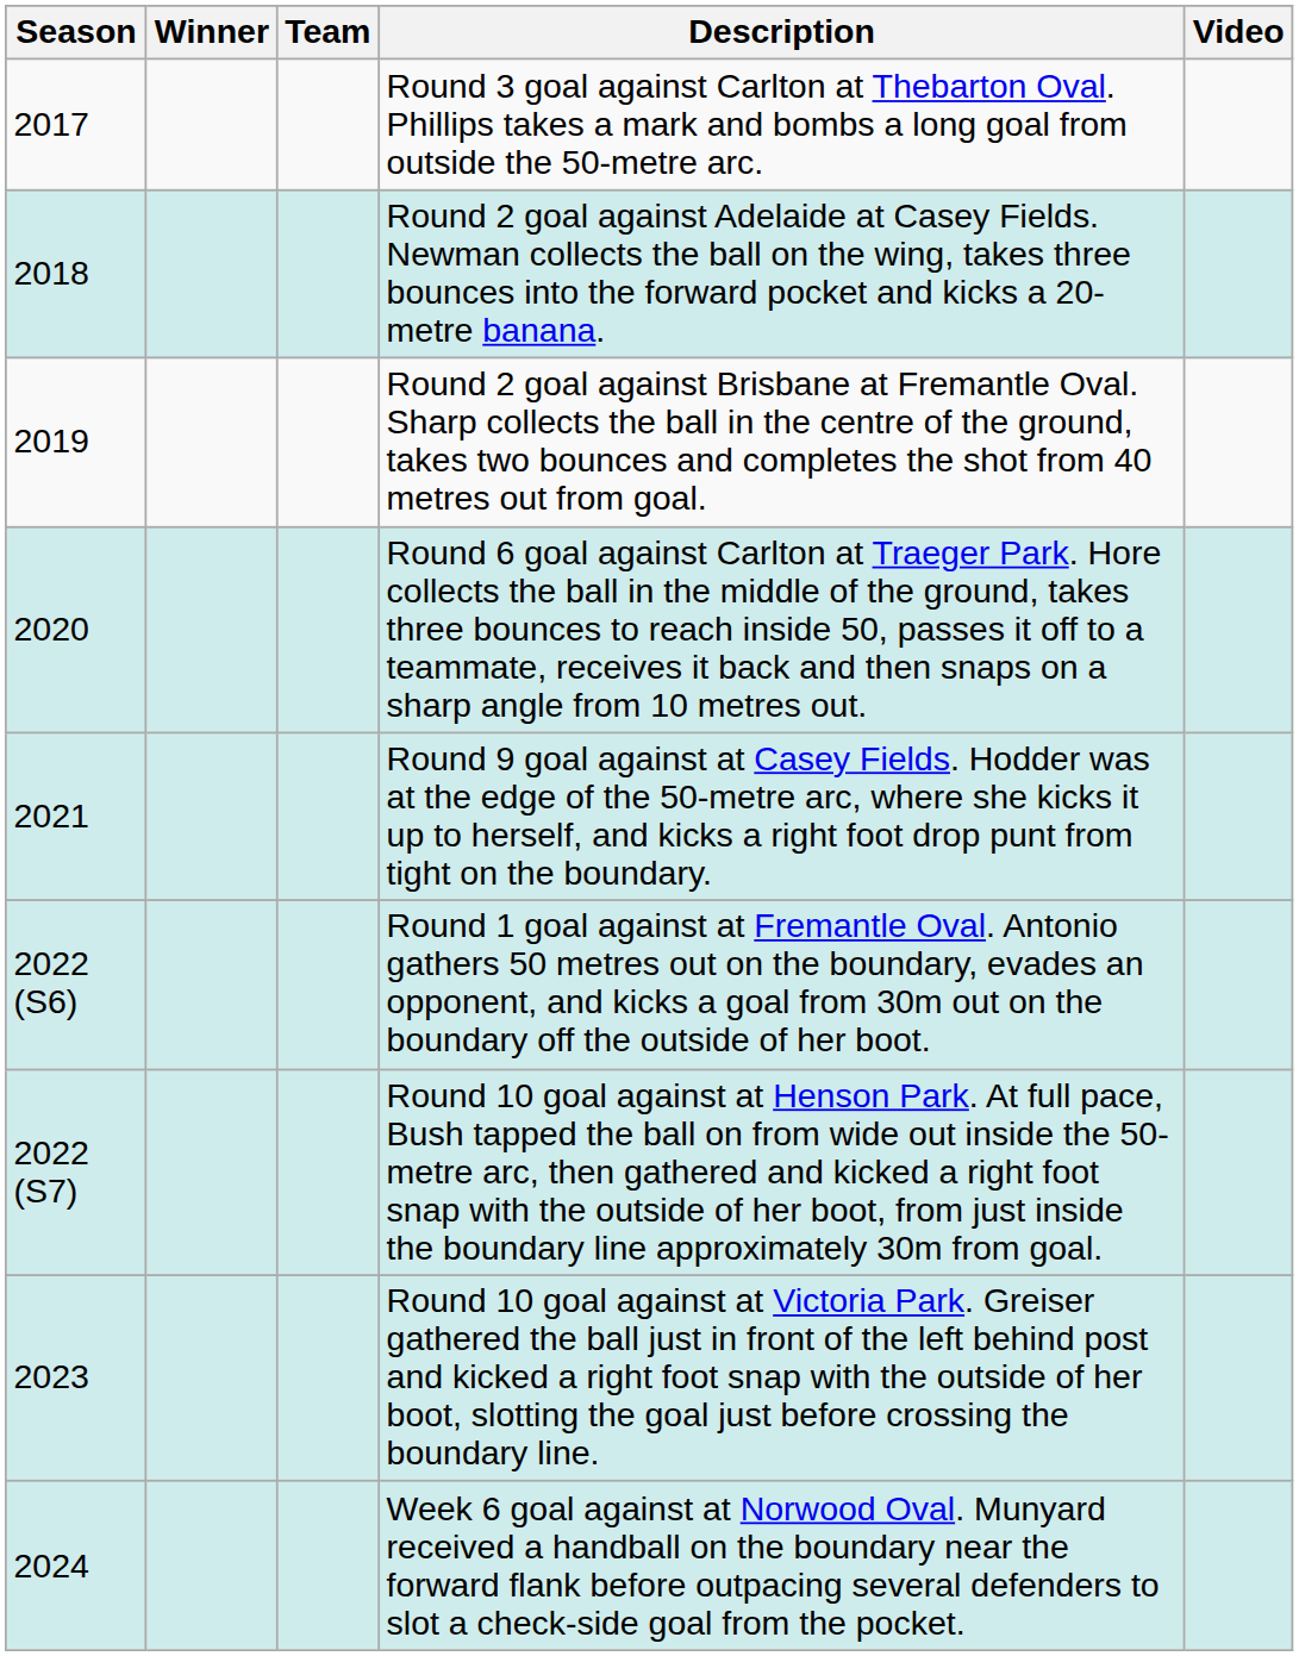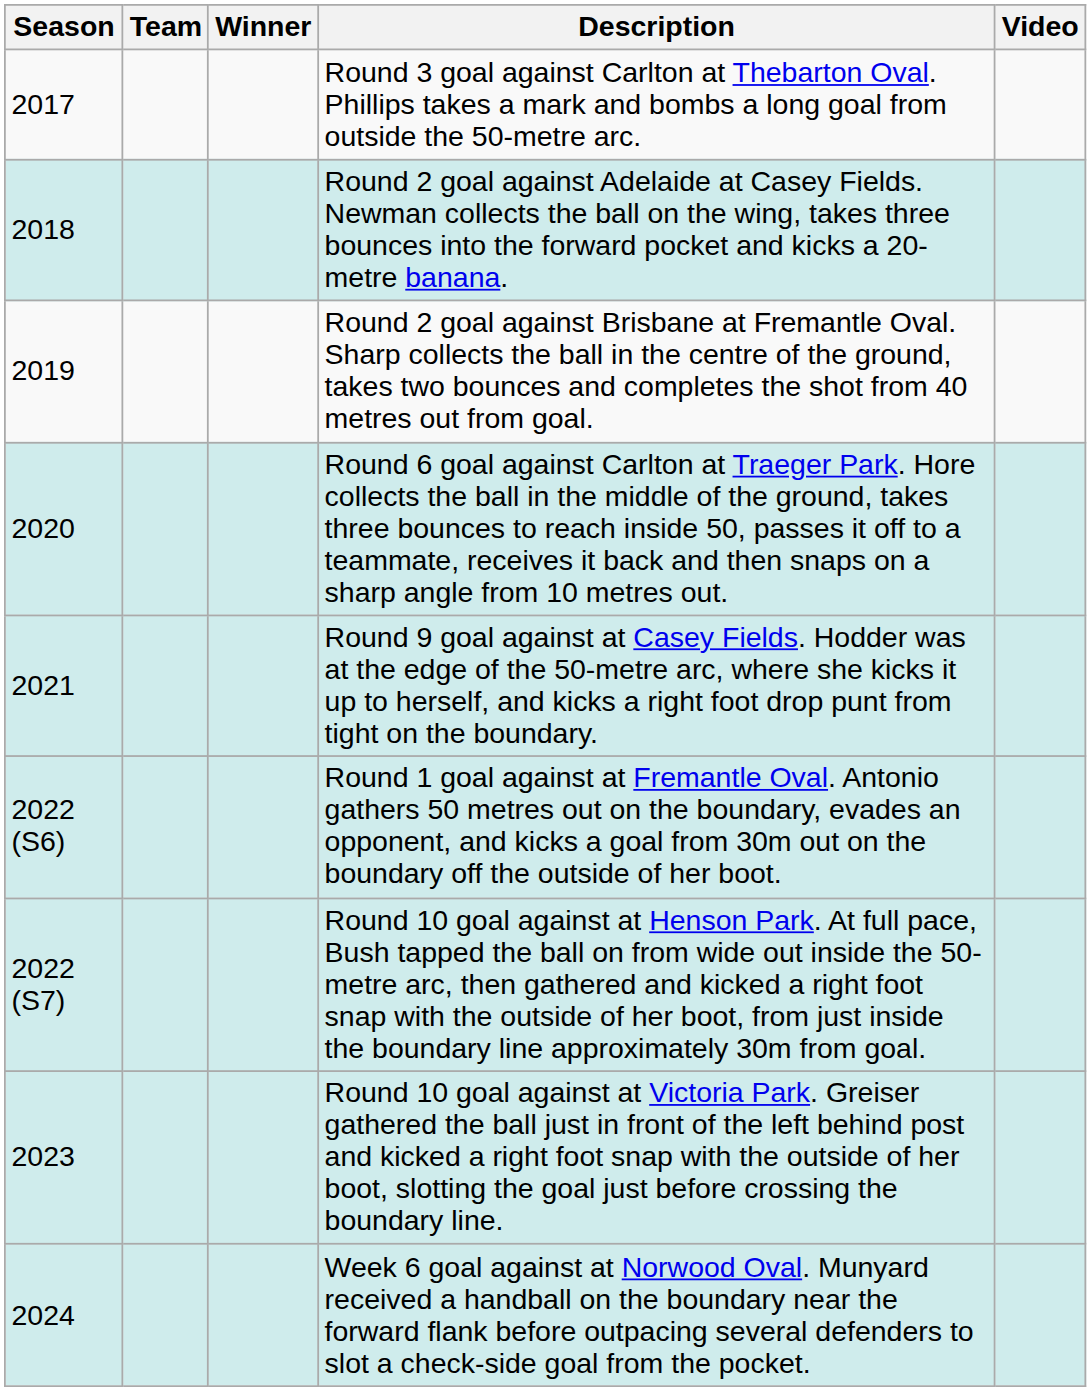 <table class="wikitable sortable" style="text-align: left;">
 <tr>
 <th>Season</th>
+<th>Team</th>
 <th>Winner</th>
-<th>Team</th>
 <th class=unsortable>Description</th>
 <th class=unsortable>Video</th>
 </tr>
 <tr>
 <td>2017</td>
 <td></td>
 <td></td>
 <td>Round 3 goal against Carlton at <a href='#'>Thebarton Oval</a>. Phillips takes a mark and bombs a long goal from outside the 50-metre arc.</td>
 <td></td>
 </tr>
 <tr style="background:#cfecec;">
 <td>2018</td>
 <td></td>
 <td></td>
 <td>Round 2 goal against Adelaide at Casey Fields. Newman collects the ball on the wing, takes three bounces into the forward pocket and kicks a 20-metre <a href='#'>banana</a>.</td>
 <td></td>
 </tr>
 <tr>
 <td>2019</td>
 <td></td>
 <td></td>
 <td>Round 2 goal against Brisbane at Fremantle Oval. Sharp collects the ball in the centre of the ground, takes two bounces and completes the shot from 40 metres out from goal.</td>
 <td></td>
 </tr>
 <tr style="background:#cfecec;">
 <td>2020</td>
 <td></td>
 <td></td>
 <td>Round 6 goal against Carlton at <a href='#'>Traeger Park</a>. Hore collects the ball in the middle of the ground, takes three bounces to reach inside 50, passes it off to a teammate, receives it back and then snaps on a sharp angle from 10 metres out.</td>
 <td></td>
 </tr>
 <tr style="background:#cfecec;">
 <td>2021</td>
 <td></td>
 <td></td>
 <td>Round 9 goal against  at <a href='#'>Casey Fields</a>. Hodder was at the edge of the 50-metre arc, where she kicks it up to herself, and kicks a right foot drop punt from tight on the boundary.</td>
 <td></td>
 </tr>
 <tr style="background:#cfecec;">
 <td>2022 (S6)</td>
 <td></td>
 <td></td>
 <td>Round 1 goal against  at <a href='#'>Fremantle Oval</a>. Antonio gathers 50 metres out on the boundary, evades an opponent, and kicks a goal from 30m out on the boundary off the outside of her boot.</td>
 <td></td>
 </tr>
 <tr style="background:#cfecec;">
 <td>2022 (S7)</td>
 <td></td>
 <td></td>
 <td>Round 10 goal against  at <a href='#'>Henson Park</a>. At full pace, Bush tapped the ball on from wide out inside the 50-metre arc, then gathered and kicked a right foot snap with the outside of her boot, from just inside the boundary line approximately 30m from goal.</td>
 <td></td>
 </tr>
 <tr style="background:#cfecec;">
 <td>2023</td>
 <td></td>
 <td></td>
 <td>Round 10 goal against  at <a href='#'>Victoria Park</a>. Greiser gathered the ball just in front of the left behind post and kicked a right foot snap with the outside of her boot, slotting the goal just before crossing the boundary line.</td>
 <td></td>
 </tr>
 <tr style="background:#cfecec;">
 <td>2024</td>
 <td></td>
 <td></td>
 <td>Week 6 goal against  at <a href='#'>Norwood Oval</a>. Munyard received a handball on the boundary near the forward flank before outpacing several defenders to slot a check-side goal from the pocket.</td>
 <td></td>
 </tr>
 </table>
